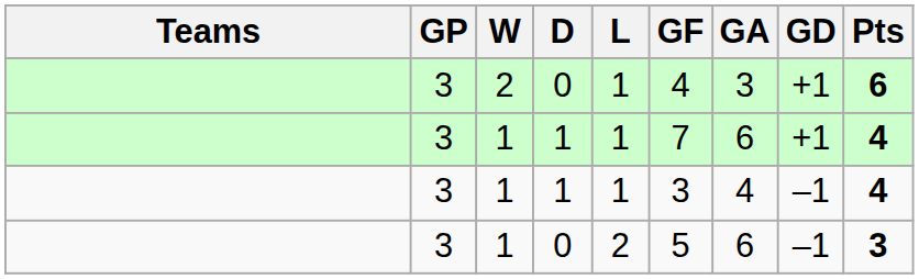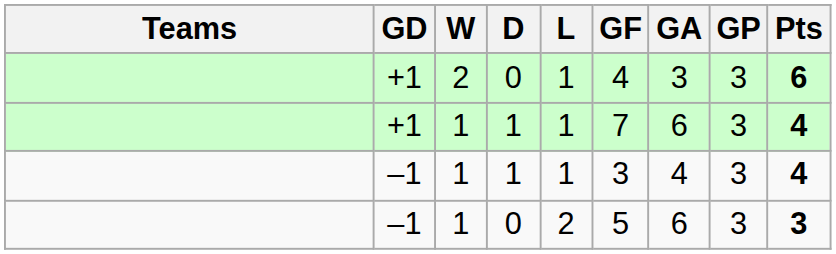 <table class="wikitable">
 <tr style="text-align:center; background:#efefef;">
 <th width=185>Teams</th>
-<th width=20>GP</th>
+<th width=20>GD</th>
 <th width=20>W</th>
 <th width=20>D</th>
 <th width=20>L</th>
 <th width=20>GF</th>
 <th width=20>GA</th>
-<th width=20>GD</th>
+<th width=20>GP</th>
 <th width=20>Pts</th>
 </tr>
 <tr style="text-align:center; background:#cfc;">
 <td style="text-align:left;"></td>
-<td>3</td>
+<td>+1</td>
 <td>2</td>
 <td>0</td>
 <td>1</td>
 <td>4</td>
 <td>3</td>
-<td>+1</td>
+<td>3</td>
 <td><strong>6</strong></td>
 </tr>
 <tr style="text-align:center; background:#cfc;">
 <td style="text-align:left;"></td>
-<td>3</td>
+<td>+1</td>
 <td>1</td>
 <td>1</td>
 <td>1</td>
 <td>7</td>
 <td>6</td>
-<td>+1</td>
+<td>3</td>
 <td><strong>4</strong></td>
 </tr>
 <tr align=center>
 <td style="text-align:left;"></td>
-<td>3</td>
+<td>–1</td>
 <td>1</td>
 <td>1</td>
 <td>1</td>
 <td>3</td>
 <td>4</td>
-<td>–1</td>
+<td>3</td>
 <td><strong>4</strong></td>
 </tr>
 <tr align=center>
 <td style="text-align:left;"></td>
-<td>3</td>
+<td>–1</td>
 <td>1</td>
 <td>0</td>
 <td>2</td>
 <td>5</td>
 <td>6</td>
-<td>–1</td>
+<td>3</td>
 <td><strong>3</strong></td>
 </tr>
 </table>
